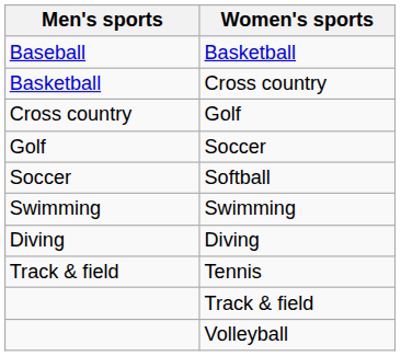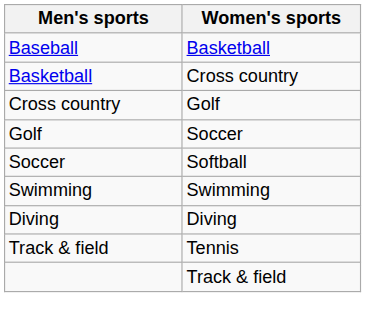 <table class="wikitable" style=" ">
 <tr>
 <th width=150px>Men's sports</th>
 <th width=150px>Women's sports</th>
 </tr>
 <tr>
 <td><a href='#'>Baseball</a></td>
 <td><a href='#'>Basketball</a></td>
 </tr>
 <tr>
 <td><a href='#'>Basketball</a></td>
 <td>Cross country</td>
 </tr>
 <tr>
 <td>Cross country</td>
 <td>Golf</td>
 </tr>
 <tr>
 <td>Golf</td>
 <td>Soccer</td>
 </tr>
 <tr>
 <td>Soccer</td>
 <td>Softball</td>
 </tr>
 <tr>
 <td>Swimming</td>
 <td>Swimming</td>
 </tr>
 <tr>
 <td>Diving</td>
 <td>Diving</td>
 </tr>
 <tr>
 <td>Track & field</td>
 <td>Tennis</td>
 </tr>
 <tr>
 <td></td>
 <td>Track & field</td>
 </tr>
-<tr>
-<td></td>
-<td>Volleyball</td>
-</tr>
 </table>
